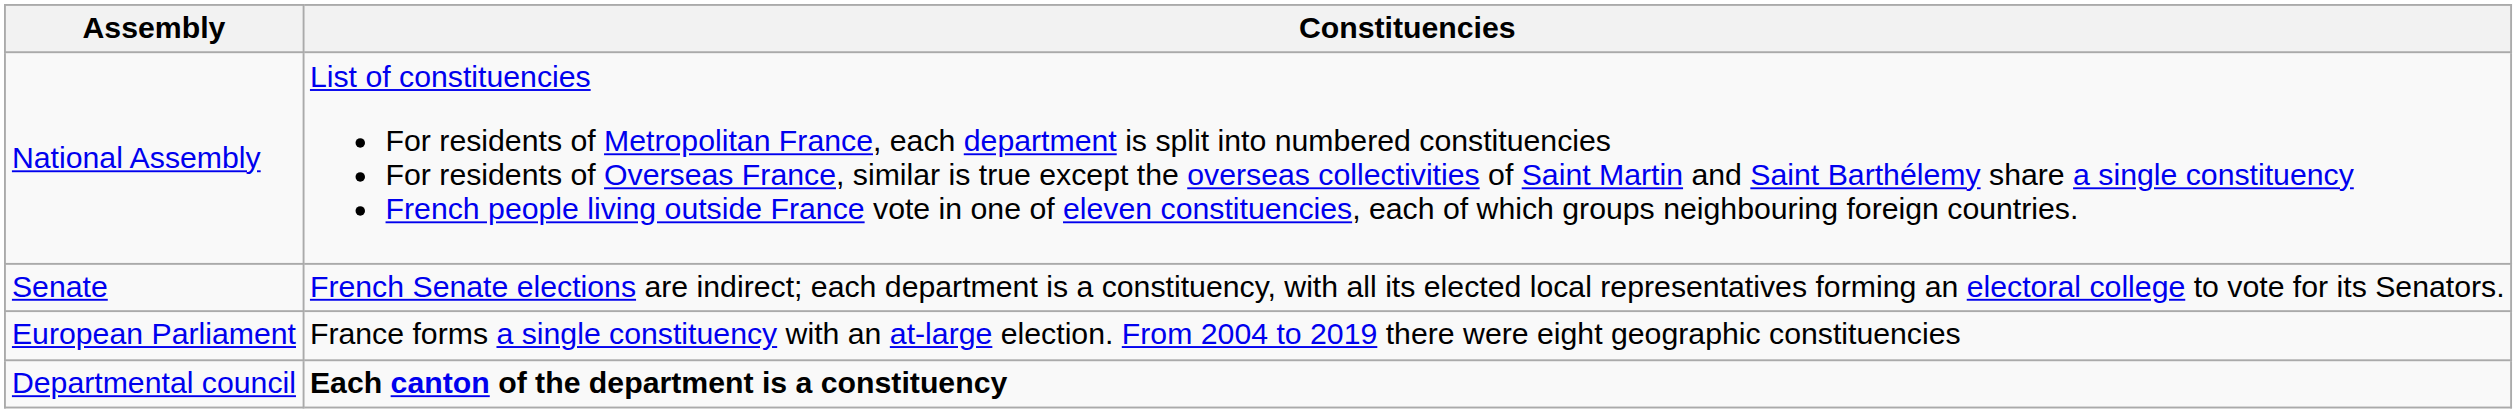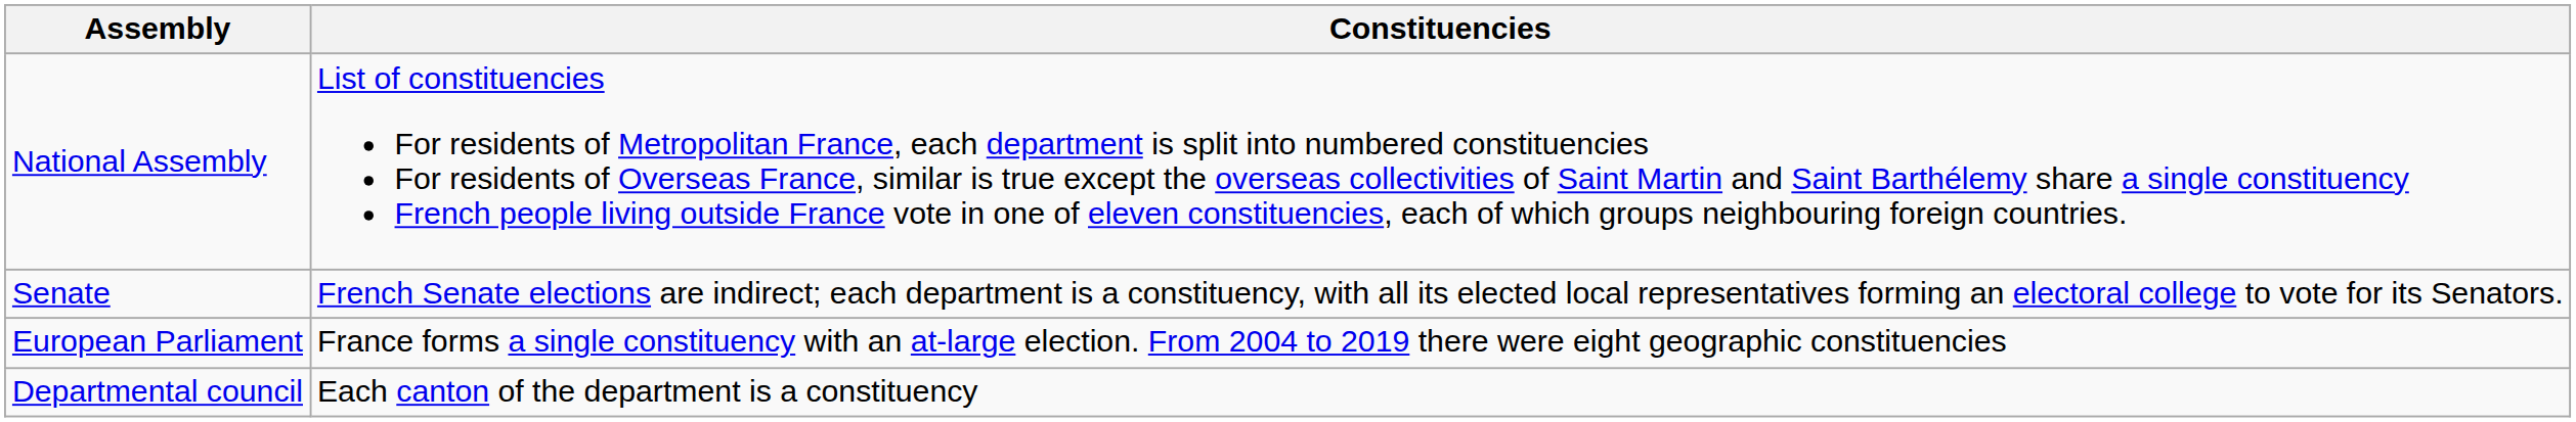 <table class="wikitable">
 <tr>
 <th>Assembly</th>
 <th>Constituencies</th>
 </tr>
 <tr>
 <td><a href='#'>National Assembly</a></td>
 <td><a href='#'>List of constituencies</a><br><ul><li>For residents of <a href='#'>Metropolitan France</a>, each <a href='#'>department</a> is split into numbered constituencies</li><li>For residents of <a href='#'>Overseas France</a>, similar is true except the <a href='#'>overseas collectivities</a> of <a href='#'>Saint Martin</a> and <a href='#'>Saint Barthélemy</a> share <a href='#'>a single constituency</a></li><li><a href='#'>French people living outside France</a> vote in one of <a href='#'>eleven constituencies</a>, each of which groups neighbouring foreign countries.</li></ul></td>
 </tr>
 <tr>
 <td><a href='#'>Senate</a></td>
 <td><a href='#'>French Senate elections</a> are indirect; each department is a constituency, with all its elected local representatives forming an <a href='#'>electoral college</a> to vote for its Senators.</td>
 </tr>
 <tr>
 <td><a href='#'>European Parliament</a></td>
 <td>France forms <a href='#'>a single constituency</a> with an <a href='#'>at-large</a> election. <a href='#'>From 2004 to 2019</a> there were eight geographic constituencies</td>
 </tr>
 <tr>
 <td><a href='#'>Departmental council</a></td>
-<td><strong>Each <a href='#'>canton</a> of the department is a constituency</strong></td>
+<td>Each <a href='#'>canton</a> of the department is a constituency</td>
 </tr>
 </table>
